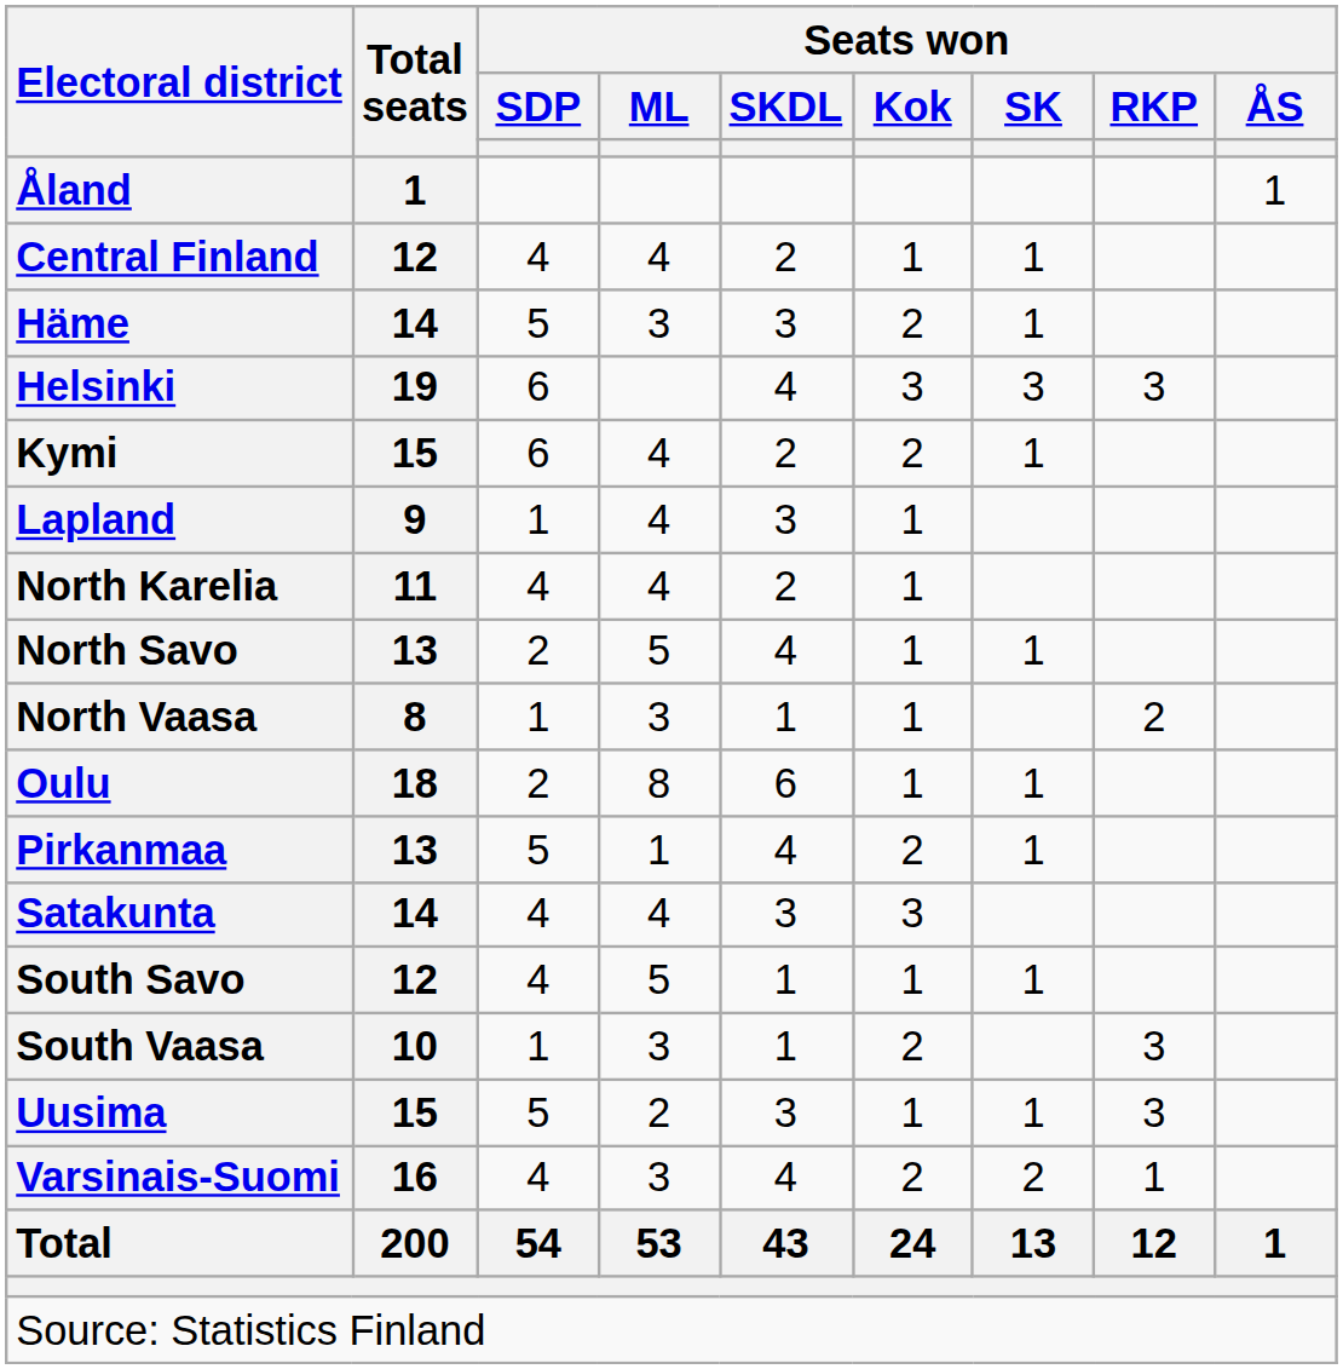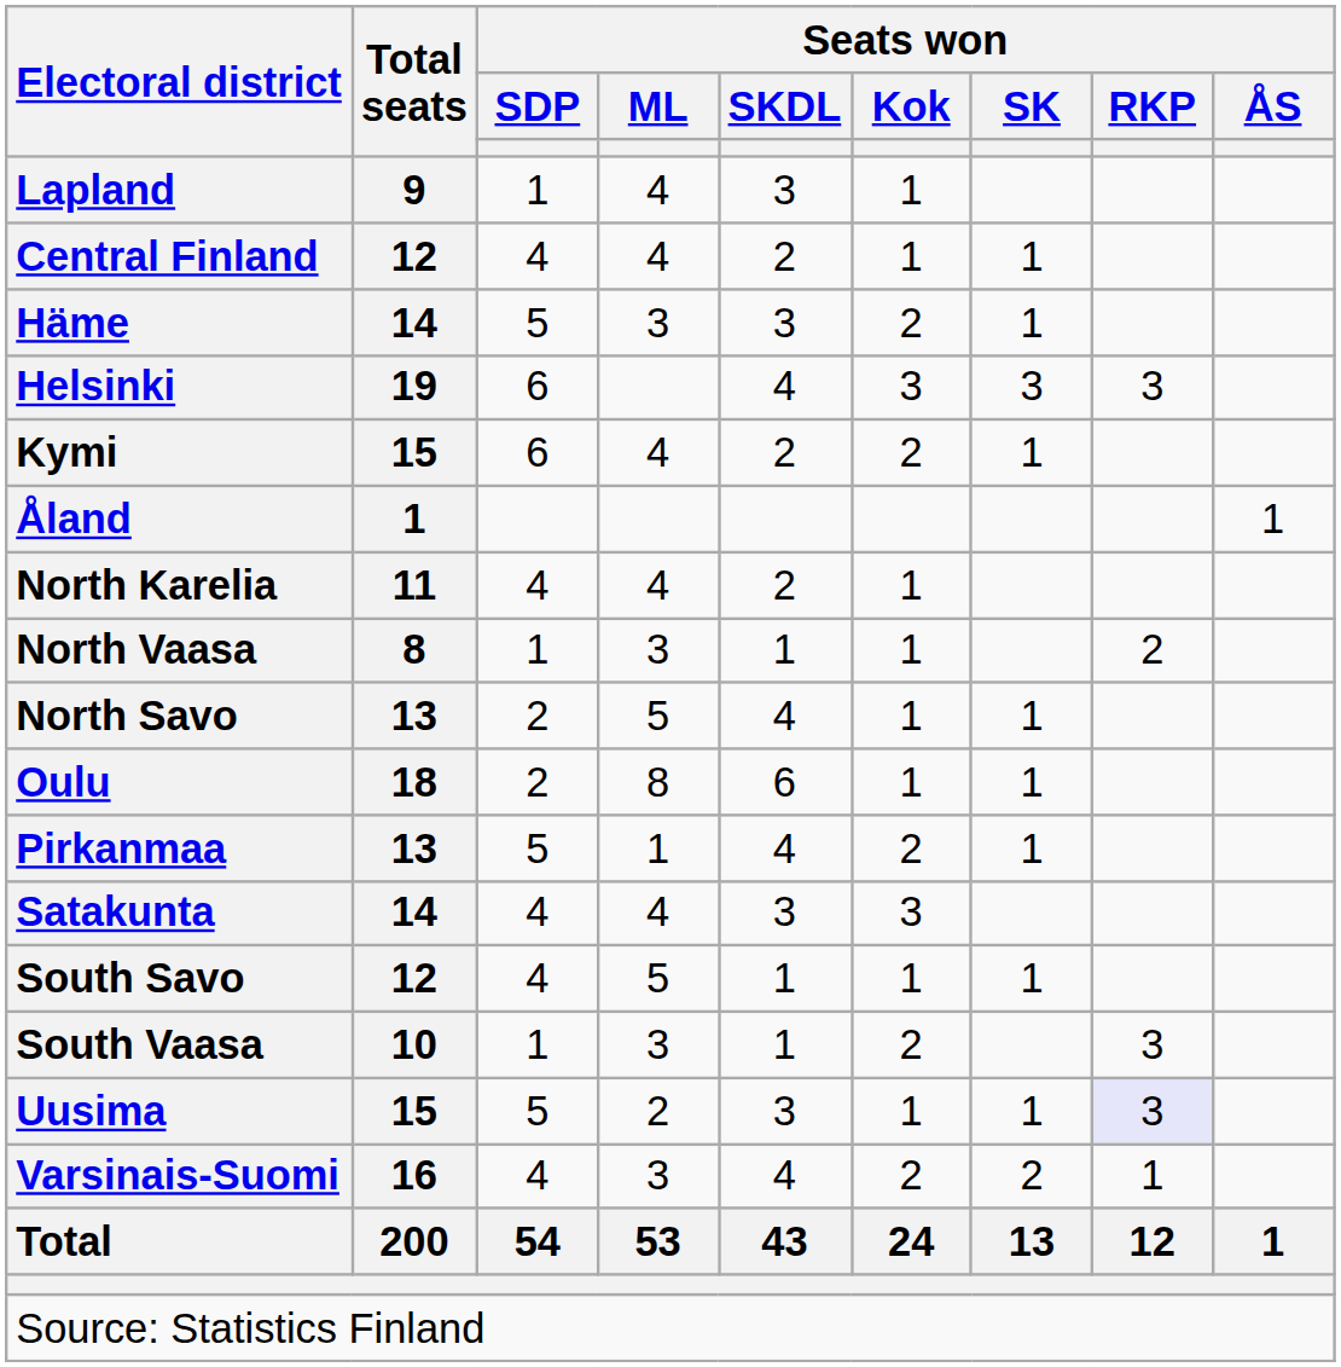 <table class="wikitable" style="text-align:center; font-size: 0.9em;">
 <tr>
 <th rowspan="3"><a href='#'>Electoral district</a></th>
 <th rowspan="3">Total<br>seats</th>
 <th colspan="7">Seats won</th>
 </tr>
 <tr>
 <th class="unsortable" style="width:35px;"><a href='#'>SDP</a></th>
 <th class="unsortable" style="width:35px;"><a href='#'>ML</a></th>
 <th class="unsortable" style="width:35px;"><a href='#'>SKDL</a></th>
 <th class="unsortable" style="width:35px;"><a href='#'>Kok</a></th>
 <th class="unsortable" style="width:35px;"><a href='#'>SK</a></th>
 <th class="unsortable" style="width:35px;"><a href='#'>RKP</a></th>
 <th class="unsortable" style="width:35px;"><a href='#'>ÅS</a></th>
 </tr>
 <tr>
 <th style="background:"></th>
 <th style="background:"></th>
 <th style="background:"></th>
 <th style="background:"></th>
 <th style="background:"></th>
 <th style="background:"></th>
 <th style="background:"></th>
 </tr>
 <tr>
-<th style="text-align: left;"><a href='#'>Åland</a></th>
-<th>1</th>
+<th style="text-align: left;"><a href='#'>Lapland</a></th>
+<th>9</th>
+<td>1</td>
+<td>4</td>
+<td>3</td>
+<td>1</td>
 <td></td>
 <td></td>
 <td></td>
-<td></td>
-<td></td>
-<td></td>
-<td>1</td>
 </tr>
 <tr>
 <th style="text-align: left;"><a href='#'>Central Finland</a></th>
 <th>12</th>
 <td>4</td>
 <td>4</td>
 <td>2</td>
 <td>1</td>
 <td>1</td>
 <td></td>
 <td></td>
 </tr>
 <tr>
 <th style="text-align: left;"><a href='#'>Häme</a></th>
 <th>14</th>
 <td>5</td>
 <td>3</td>
 <td>3</td>
 <td>2</td>
 <td>1</td>
 <td></td>
 <td></td>
 </tr>
 <tr>
 <th style="text-align: left;"><a href='#'>Helsinki</a></th>
 <th>19</th>
 <td>6</td>
 <td></td>
 <td>4</td>
 <td>3</td>
 <td>3</td>
 <td>3</td>
 <td></td>
 </tr>
 <tr>
 <th style="text-align: left;">Kymi</th>
 <th>15</th>
 <td>6</td>
 <td>4</td>
 <td>2</td>
 <td>2</td>
 <td>1</td>
 <td></td>
 <td></td>
 </tr>
 <tr>
-<th style="text-align: left;"><a href='#'>Lapland</a></th>
-<th>9</th>
-<td>1</td>
-<td>4</td>
-<td>3</td>
-<td>1</td>
+<th style="text-align: left;"><a href='#'>Åland</a></th>
+<th>1</th>
 <td></td>
 <td></td>
 <td></td>
+<td></td>
+<td></td>
+<td></td>
+<td>1</td>
 </tr>
 <tr>
 <th style="text-align: left;">North Karelia</th>
 <th>11</th>
 <td>4</td>
 <td>4</td>
 <td>2</td>
 <td>1</td>
 <td></td>
 <td></td>
 <td></td>
 </tr>
 <tr>
+<th style="text-align: left;">North Vaasa</th>
+<th>8</th>
+<td>1</td>
+<td>3</td>
+<td>1</td>
+<td>1</td>
+<td></td>
+<td>2</td>
+<td></td>
+</tr>
+<tr>
 <th style="text-align: left;">North Savo</th>
 <th>13</th>
 <td>2</td>
 <td>5</td>
 <td>4</td>
 <td>1</td>
 <td>1</td>
 <td></td>
-<td></td>
-</tr>
-<tr>
-<th style="text-align: left;">North Vaasa</th>
-<th>8</th>
-<td>1</td>
-<td>3</td>
-<td>1</td>
-<td>1</td>
-<td></td>
-<td>2</td>
 <td></td>
 </tr>
 <tr>
 <th style="text-align: left;"><a href='#'>Oulu</a></th>
 <th>18</th>
 <td>2</td>
 <td>8</td>
 <td>6</td>
 <td>1</td>
 <td>1</td>
 <td></td>
 <td></td>
 </tr>
 <tr>
 <th style="text-align: left;"><a href='#'>Pirkanmaa</a></th>
 <th>13</th>
 <td>5</td>
 <td>1</td>
 <td>4</td>
 <td>2</td>
 <td>1</td>
 <td></td>
 <td></td>
 </tr>
 <tr>
 <th style="text-align: left;"><a href='#'>Satakunta</a></th>
 <th>14</th>
 <td>4</td>
 <td>4</td>
 <td>3</td>
 <td>3</td>
 <td></td>
 <td></td>
 <td></td>
 </tr>
 <tr>
 <th style="text-align: left;">South Savo</th>
 <th>12</th>
 <td>4</td>
 <td>5</td>
 <td>1</td>
 <td>1</td>
 <td>1</td>
 <td></td>
 <td></td>
 </tr>
 <tr>
 <th style="text-align: left;">South Vaasa</th>
 <th>10</th>
 <td>1</td>
 <td>3</td>
 <td>1</td>
 <td>2</td>
 <td></td>
 <td>3</td>
 <td></td>
 </tr>
 <tr>
 <th style="text-align: left;"><a href='#'>Uusima</a></th>
 <th>15</th>
 <td>5</td>
 <td>2</td>
 <td>3</td>
 <td>1</td>
 <td>1</td>
-<td>3</td>
+<td style="background: lavender;">3</td>
 <td></td>
 </tr>
 <tr>
 <th style="text-align: left;"><a href='#'>Varsinais-Suomi</a></th>
 <th>16</th>
 <td>4</td>
 <td>3</td>
 <td>4</td>
 <td>2</td>
 <td>2</td>
 <td>1</td>
 <td></td>
 </tr>
 <tr class="sortbottom">
 <th style="text-align: left;">Total</th>
 <th>200</th>
 <th>54</th>
 <th>53</th>
 <th>43</th>
 <th>24</th>
 <th>13</th>
 <th>12</th>
 <th>1</th>
 </tr>
 <tr>
 <th colspan="9"></th>
 </tr>
 <tr>
 <td colspan="9" align=left>Source: Statistics Finland</td>
 </tr>
 </table>
